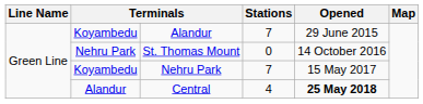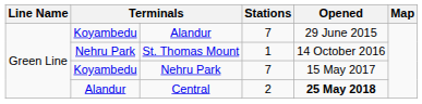 <table class="wikitable" style="text-align:center;margin:auto;">
 <tr>
 <th>Line Name</th>
 <th colspan="2">Terminals</th>
 <th>Stations</th>
 <th>Opened</th>
 <th>Map</th>
 </tr>
 <tr>
 <td rowspan="4" style="background:#"><span>Green Line</span></td>
 <td><a href='#'>Koyambedu</a></td>
 <td><a href='#'>Alandur</a></td>
 <td style="text-align:center">7</td>
 <td>29 June 2015</td>
 <td rowspan="4"><br></td>
 </tr>
 <tr>
 <td><a href='#'>Nehru Park</a></td>
 <td><a href='#'>St. Thomas Mount</a></td>
-<td style="text-align:center">0</td>
+<td style="text-align:center">1</td>
 <td>14 October 2016</td>
 </tr>
 <tr>
 <td><a href='#'>Koyambedu</a></td>
 <td><a href='#'>Nehru Park</a></td>
 <td style="text-align:center">7</td>
 <td>15 May 2017</td>
 </tr>
 <tr>
 <td><a href='#'>Alandur</a></td>
 <td><a href='#'>Central</a></td>
-<td style="text-align:center">4</td>
+<td style="text-align:center">2</td>
 <td><strong>25 May 2018</strong></td>
 </tr>
 </table>
